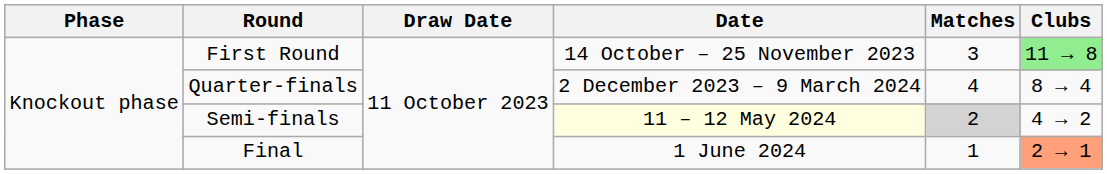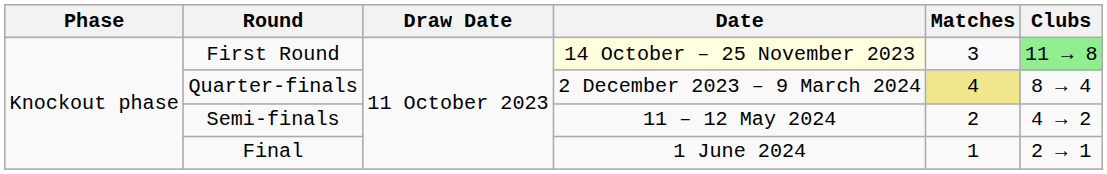 <table class="wikitable">
 <tr>
 <th>Phase</th>
 <th>Round</th>
 <th>Draw Date</th>
 <th>Date</th>
 <th>Matches</th>
 <th>Clubs</th>
 </tr>
 <tr align=center>
 <td rowspan=4>Knockout phase</td>
 <td>First Round</td>
 <td rowspan=4>11 October 2023</td>
-<td>14 October – 25 November 2023</td>
+<td style="background: lightyellow;">14 October – 25 November 2023</td>
 <td>3</td>
 <td style="background: lightgreen;">11 → 8</td>
 </tr>
 <tr align=center>
 <td>Quarter-finals</td>
 <td>2 December 2023 – 9 March 2024</td>
-<td>4</td>
+<td style="background: khaki;">4</td>
 <td>8 → 4</td>
 </tr>
 <tr align=center>
 <td>Semi-finals</td>
-<td style="background: lightyellow;">11 – 12 May 2024</td>
-<td style="background: lightgrey;">2</td>
+<td>11 – 12 May 2024</td>
+<td>2</td>
 <td>4 → 2</td>
 </tr>
 <tr align=center>
 <td>Final</td>
 <td>1 June 2024</td>
 <td>1</td>
-<td style="background: lightsalmon;">2 → 1</td>
+<td>2 → 1</td>
 </tr>
 </table>
